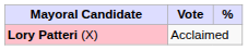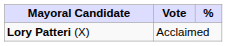 <table class="wikitable">
 <tr>
 <th style="background:#ddf; width:200px;">Mayoral Candidate</th>
 <th style="background:#ddf; width:50px;">Vote</th>
 <th style="background:#ddf; width:30px;">%</th>
 </tr>
 <tr>
-<td style="background: pink;"><strong>Lory Patteri</strong> (X)</td>
+<td><strong>Lory Patteri</strong> (X)</td>
 <td colspan="2">Acclaimed</td>
 </tr>
 </table>
